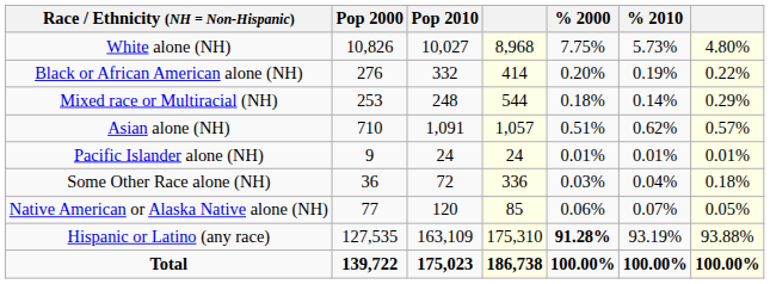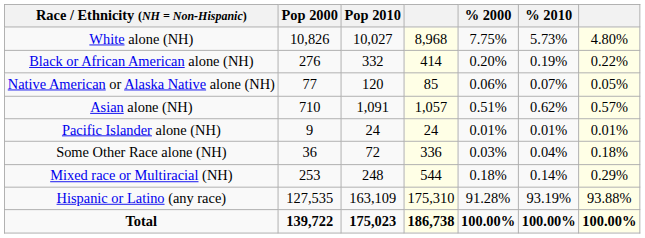 <table class="wikitable" style="text-align:center;">
 <tr>
 <th>Race / Ethnicity <small>(<em>NH = Non-Hispanic</em>)</small></th>
 <th>Pop 2000</th>
 <th>Pop 2010</th>
 <th></th>
 <th>% 2000</th>
 <th>% 2010</th>
 <th></th>
 </tr>
 <tr>
 <td><a href='#'>White</a> alone (NH)</td>
 <td>10,826</td>
 <td>10,027</td>
 <td style='background: #ffffe6;'>8,968</td>
 <td>7.75%</td>
 <td>5.73%</td>
 <td style='background: #ffffe6;'>4.80%</td>
 </tr>
 <tr>
 <td><a href='#'>Black or African American</a> alone (NH)</td>
 <td>276</td>
 <td>332</td>
 <td style='background: #ffffe6;'>414</td>
 <td>0.20%</td>
 <td>0.19%</td>
 <td style='background: #ffffe6;'>0.22%</td>
 </tr>
 <tr>
-<td><a href='#'>Mixed race or Multiracial</a> (NH)</td>
-<td>253</td>
-<td>248</td>
-<td style='background: #ffffe6;'>544</td>
-<td>0.18%</td>
-<td>0.14%</td>
-<td style='background: #ffffe6;'>0.29%</td>
+<td><a href='#'>Native American</a> or <a href='#'>Alaska Native</a> alone (NH)</td>
+<td>77</td>
+<td>120</td>
+<td style='background: #ffffe6;'>85</td>
+<td>0.06%</td>
+<td>0.07%</td>
+<td style='background: #ffffe6;'>0.05%</td>
 </tr>
 <tr>
 <td><a href='#'>Asian</a> alone (NH)</td>
 <td>710</td>
 <td>1,091</td>
 <td style='background: #ffffe6;'>1,057</td>
 <td>0.51%</td>
 <td>0.62%</td>
 <td style='background: #ffffe6;'>0.57%</td>
 </tr>
 <tr>
 <td><a href='#'>Pacific Islander</a> alone (NH)</td>
 <td>9</td>
 <td>24</td>
 <td style='background: #ffffe6;'>24</td>
 <td>0.01%</td>
 <td>0.01%</td>
 <td style='background: #ffffe6;'>0.01%</td>
 </tr>
 <tr>
 <td>Some Other Race alone (NH)</td>
 <td>36</td>
 <td>72</td>
 <td style='background: #ffffe6;'>336</td>
 <td>0.03%</td>
 <td>0.04%</td>
 <td style='background: #ffffe6;'>0.18%</td>
 </tr>
 <tr>
-<td><a href='#'>Native American</a> or <a href='#'>Alaska Native</a> alone (NH)</td>
-<td>77</td>
-<td>120</td>
-<td style='background: #ffffe6;'>85</td>
-<td>0.06%</td>
-<td>0.07%</td>
-<td style='background: #ffffe6;'>0.05%</td>
+<td><a href='#'>Mixed race or Multiracial</a> (NH)</td>
+<td>253</td>
+<td>248</td>
+<td style='background: #ffffe6;'>544</td>
+<td>0.18%</td>
+<td>0.14%</td>
+<td style='background: #ffffe6;'>0.29%</td>
 </tr>
 <tr>
 <td><a href='#'>Hispanic or Latino</a> (any race)</td>
 <td>127,535</td>
 <td>163,109</td>
 <td style='background: #ffffe6;'>175,310</td>
-<td><strong>91.28%</strong></td>
+<td>91.28%</td>
 <td>93.19%</td>
 <td style='background: #ffffe6;'>93.88%</td>
 </tr>
 <tr>
 <td><strong>Total</strong></td>
 <td><strong>139,722</strong></td>
 <td><strong>175,023</strong></td>
 <td style='background: #ffffe6;'><strong>186,738</strong></td>
 <td><strong>100.00%</strong></td>
 <td><strong>100.00%</strong></td>
 <td style='background: #ffffe6;'><strong>100.00%</strong></td>
 </tr>
 </table>
